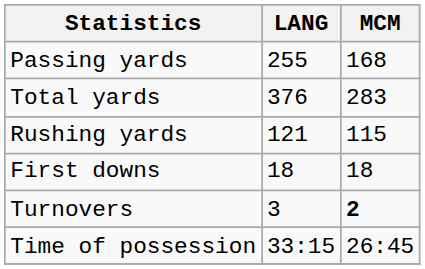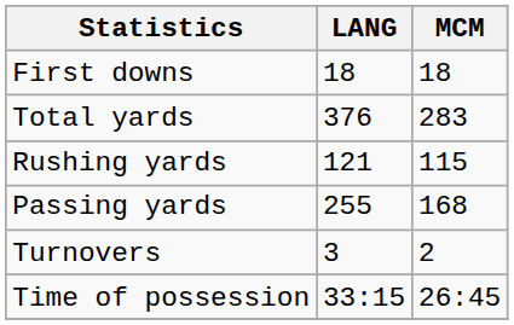 <table class="wikitable">
 <tr>
 <th>Statistics</th>
 <th>LANG</th>
 <th>MCM</th>
 </tr>
 <tr>
-<td>Passing yards</td>
-<td>255</td>
-<td>168</td>
+<td>First downs</td>
+<td>18</td>
+<td>18</td>
 </tr>
 <tr>
 <td>Total yards</td>
 <td>376</td>
 <td>283</td>
 </tr>
 <tr>
 <td>Rushing yards</td>
 <td>121</td>
 <td>115</td>
 </tr>
 <tr>
-<td>First downs</td>
-<td>18</td>
-<td>18</td>
+<td>Passing yards</td>
+<td>255</td>
+<td>168</td>
 </tr>
 <tr>
 <td>Turnovers</td>
 <td>3</td>
-<td><strong>2</strong></td>
+<td>2</td>
 </tr>
 <tr>
 <td>Time of possession</td>
 <td>33:15</td>
 <td>26:45</td>
 </tr>
 <tr>
 </tr>
 </table>
